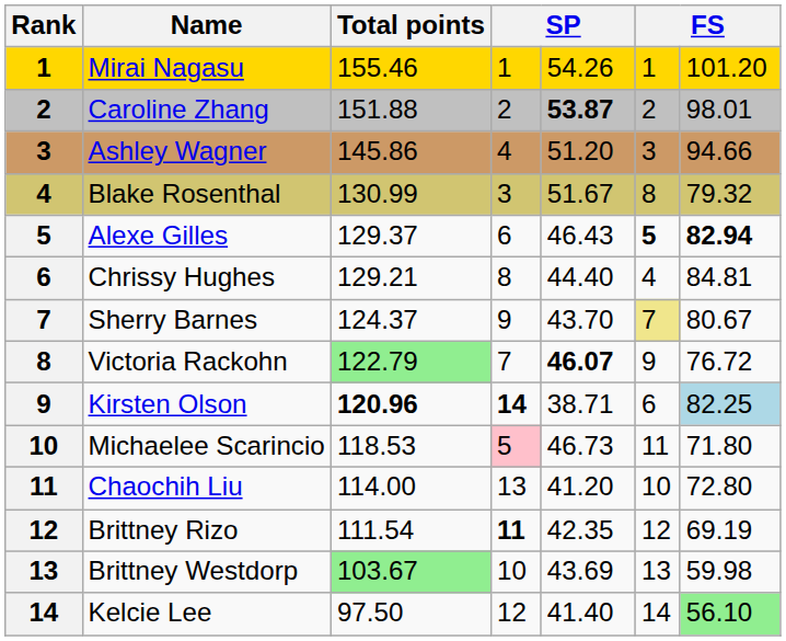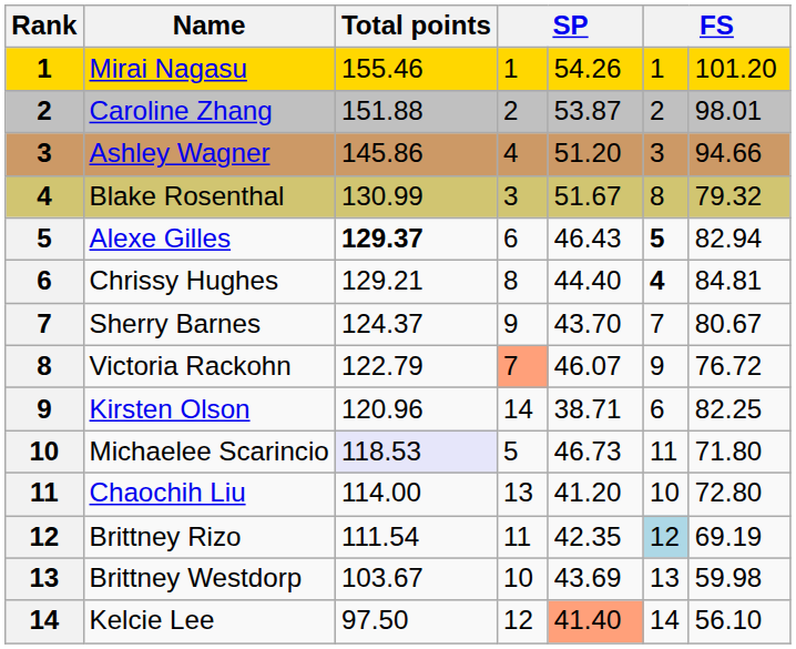 <table class="wikitable">
 <tr>
 <th>Rank</th>
 <th>Name</th>
 <th>Total points</th>
 <th colspan="2" width="80px"><a href='#'>SP</a></th>
 <th colspan="2" width="80px"><a href='#'>FS</a></th>
 </tr>
 <tr bgcolor="gold">
 <td align="center"><strong>1</strong></td>
 <td><a href='#'>Mirai Nagasu</a></td>
 <td>155.46</td>
 <td>1</td>
 <td>54.26</td>
 <td>1</td>
 <td>101.20</td>
 </tr>
 <tr bgcolor="silver">
 <td align="center"><strong>2</strong></td>
 <td><a href='#'>Caroline Zhang</a></td>
 <td>151.88</td>
 <td>2</td>
-<td><strong>53.87</strong></td>
+<td>53.87</td>
 <td>2</td>
 <td>98.01</td>
 </tr>
 <tr bgcolor="cc9966">
 <td align="center"><strong>3</strong></td>
 <td><a href='#'>Ashley Wagner</a></td>
 <td>145.86</td>
 <td>4</td>
 <td>51.20</td>
 <td>3</td>
 <td>94.66</td>
 </tr>
 <tr bgcolor="#d1c571">
 <td align="center"><strong>4</strong></td>
 <td>Blake Rosenthal</td>
 <td>130.99</td>
 <td>3</td>
 <td>51.67</td>
 <td>8</td>
 <td>79.32</td>
 </tr>
 <tr>
 <th>5</th>
 <td><a href='#'>Alexe Gilles</a></td>
-<td>129.37</td>
+<td><strong>129.37</strong></td>
 <td>6</td>
 <td>46.43</td>
 <td><strong>5</strong></td>
-<td><strong>82.94</strong></td>
+<td>82.94</td>
 </tr>
 <tr>
 <th>6</th>
 <td>Chrissy Hughes</td>
 <td>129.21</td>
 <td>8</td>
 <td>44.40</td>
-<td>4</td>
+<td><strong>4</strong></td>
 <td>84.81</td>
 </tr>
 <tr>
 <th>7</th>
 <td>Sherry Barnes</td>
 <td>124.37</td>
 <td>9</td>
 <td>43.70</td>
-<td style="background: khaki;">7</td>
+<td>7</td>
 <td>80.67</td>
 </tr>
 <tr>
 <th>8</th>
 <td>Victoria Rackohn</td>
-<td style="background: lightgreen;">122.79</td>
-<td>7</td>
-<td><strong>46.07</strong></td>
+<td>122.79</td>
+<td style="background: lightsalmon;">7</td>
+<td>46.07</td>
 <td>9</td>
 <td>76.72</td>
 </tr>
 <tr>
 <th>9</th>
 <td><a href='#'>Kirsten Olson</a></td>
-<td><strong>120.96</strong></td>
-<td><strong>14</strong></td>
+<td>120.96</td>
+<td>14</td>
 <td>38.71</td>
 <td>6</td>
-<td style="background: lightblue;">82.25</td>
+<td>82.25</td>
 </tr>
 <tr>
 <th>10</th>
 <td>Michaelee Scarincio</td>
-<td>118.53</td>
-<td style="background: pink;">5</td>
+<td style="background: lavender;">118.53</td>
+<td>5</td>
 <td>46.73</td>
 <td>11</td>
 <td>71.80</td>
 </tr>
 <tr>
 <th>11</th>
 <td><a href='#'>Chaochih Liu</a></td>
 <td>114.00</td>
 <td>13</td>
 <td>41.20</td>
 <td>10</td>
 <td>72.80</td>
 </tr>
 <tr>
 <th>12</th>
 <td>Brittney Rizo</td>
 <td>111.54</td>
-<td><strong>11</strong></td>
+<td>11</td>
 <td>42.35</td>
-<td>12</td>
+<td style="background: lightblue;">12</td>
 <td>69.19</td>
 </tr>
 <tr>
 <th>13</th>
 <td>Brittney Westdorp</td>
-<td style="background: lightgreen;">103.67</td>
+<td>103.67</td>
 <td>10</td>
 <td>43.69</td>
 <td>13</td>
 <td>59.98</td>
 </tr>
 <tr>
 <th>14</th>
 <td>Kelcie Lee</td>
 <td>97.50</td>
 <td>12</td>
-<td>41.40</td>
+<td style="background: lightsalmon;">41.40</td>
 <td>14</td>
-<td style="background: lightgreen;">56.10</td>
+<td>56.10</td>
 </tr>
 </table>
